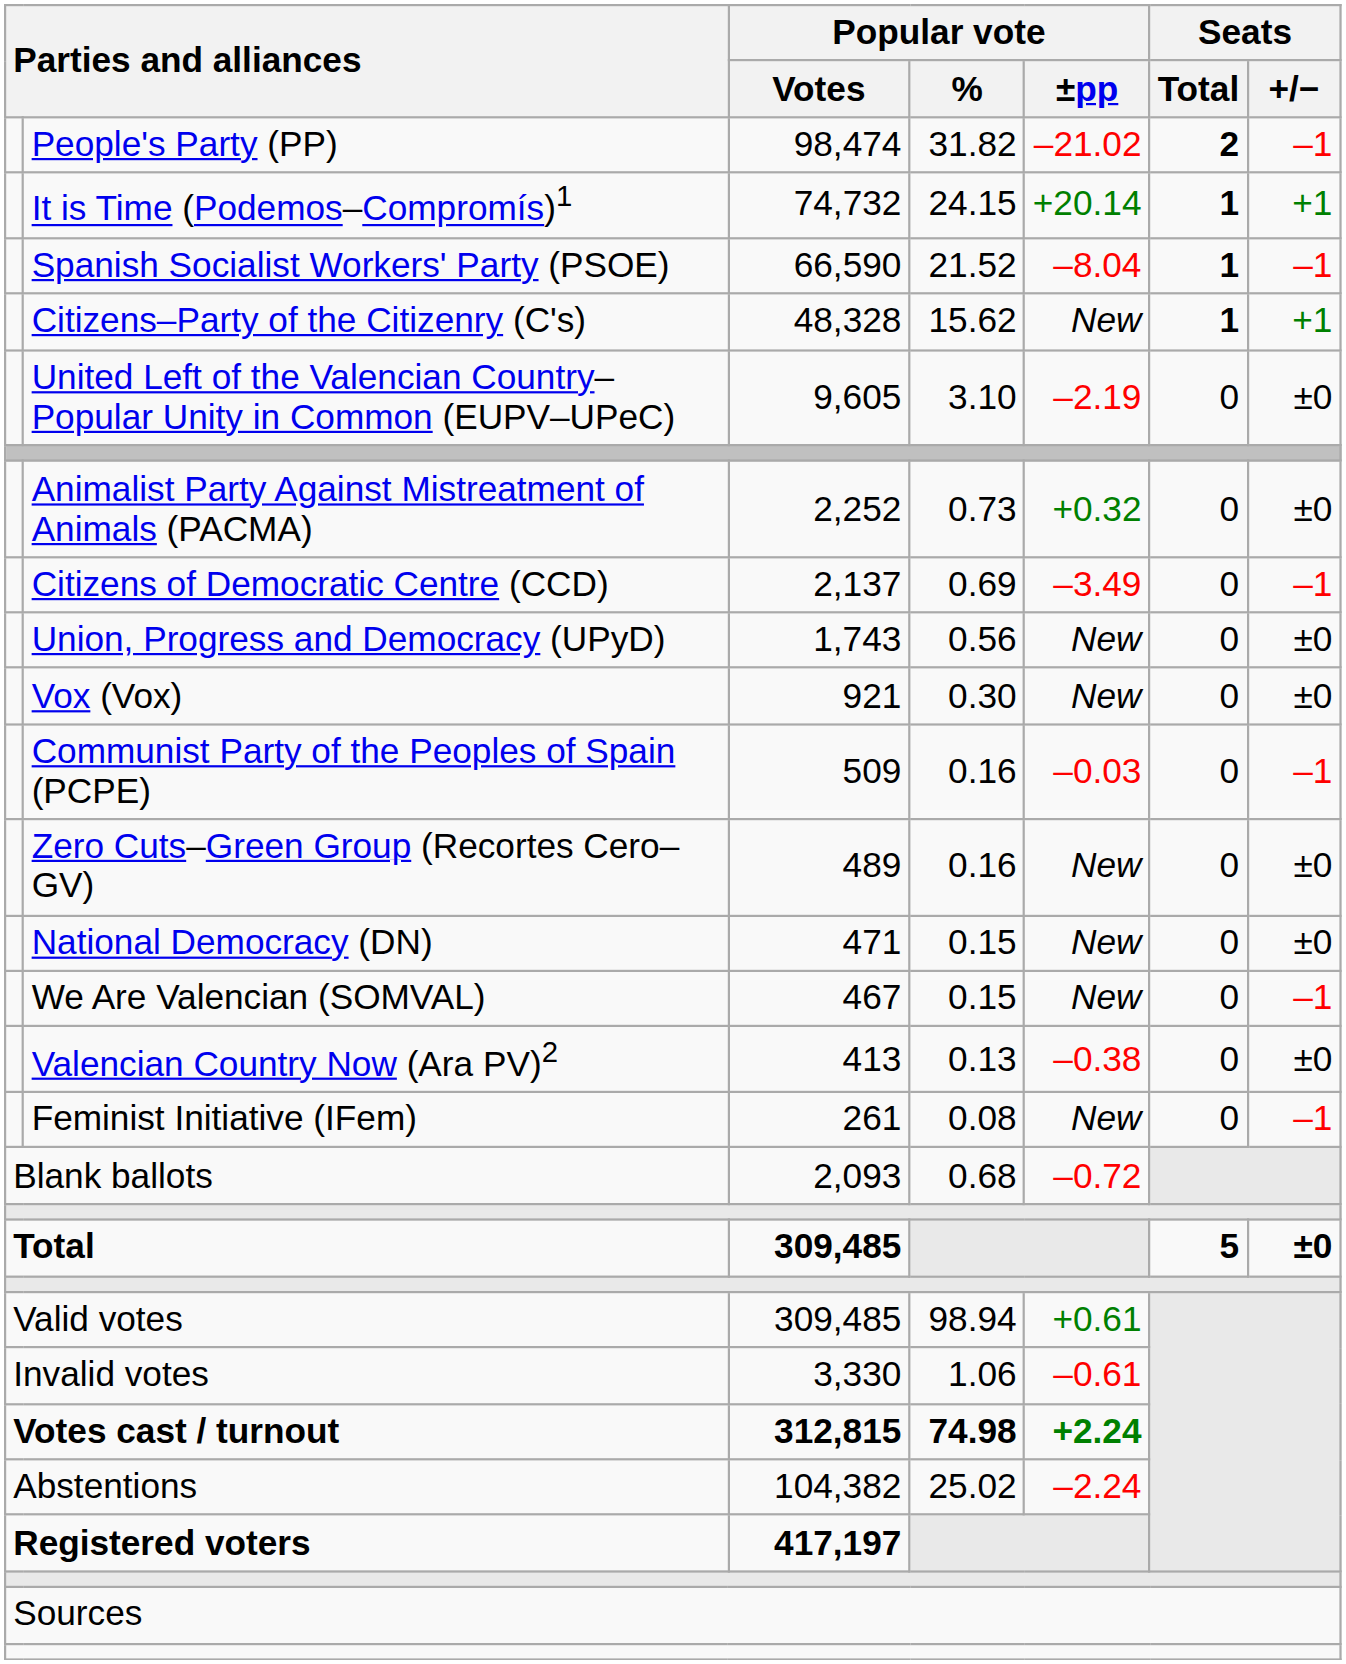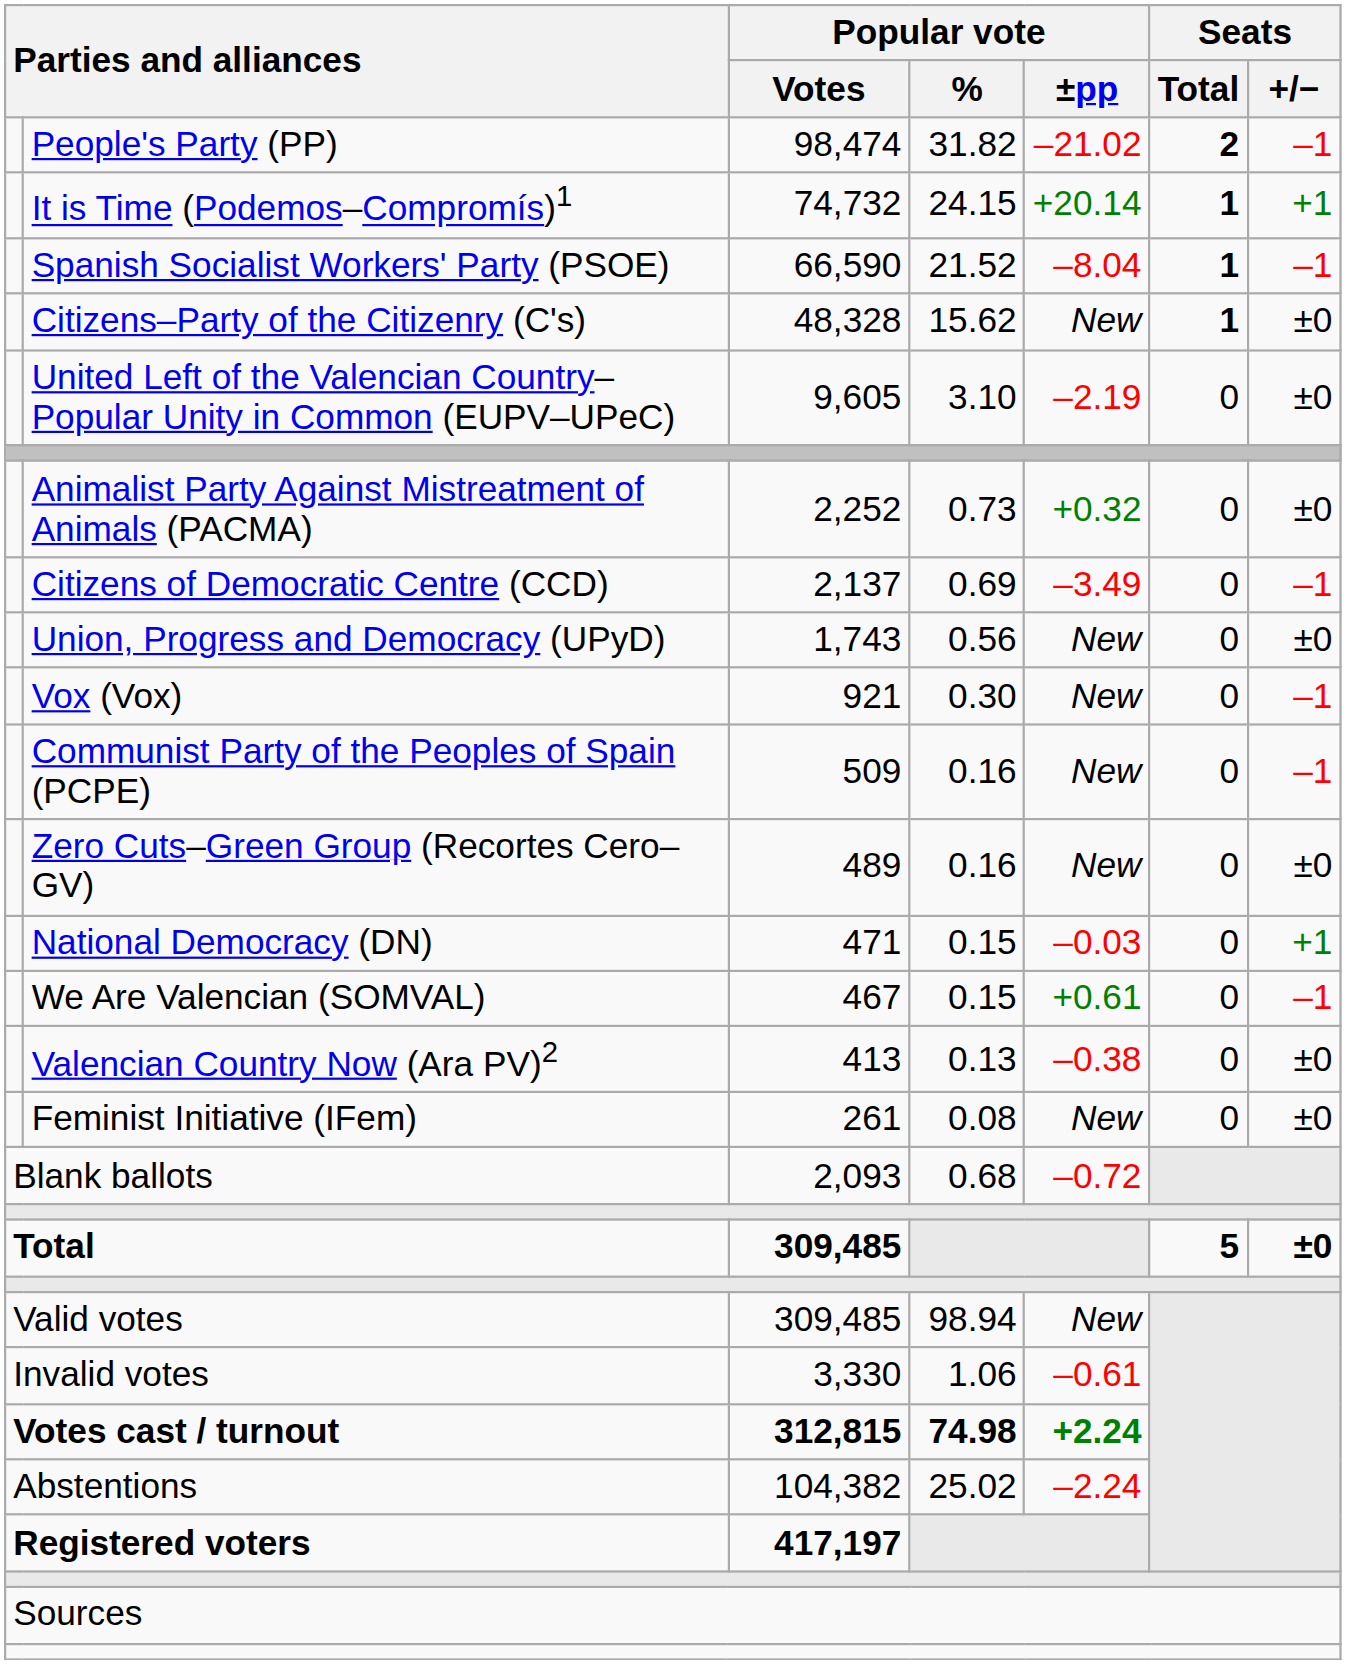 <table class="wikitable" style="text-align:right;">
 <tr>
 <th style="text-align:left;" rowspan="2" colspan="2" width="525">Parties and alliances</th>
 <th colspan="3">Popular vote</th>
 <th colspan="2">Seats</th>
 </tr>
 <tr>
 <th width="75">Votes</th>
 <th width="45">%</th>
 <th width="45">±<a href='#'>pp</a></th>
 <th width="35">Total</th>
 <th width="35">+/−</th>
 </tr>
 <tr>
 <td width="1" style="color:inherit;background:"></td>
 <td align="left"><a href='#'>People's Party</a> (PP)</td>
 <td>98,474</td>
 <td>31.82</td>
 <td style="color:red;">–21.02</td>
 <td><strong>2</strong></td>
 <td style="color:red;">–1</td>
 </tr>
 <tr>
 <td style="color:inherit;background:"></td>
 <td align="left"><a href='#'>It is Time</a> (<a href='#'>Podemos</a>–<a href='#'>Compromís</a>)<sup>1</sup></td>
 <td>74,732</td>
 <td>24.15</td>
 <td style="color:green;">+20.14</td>
 <td><strong>1</strong></td>
 <td style="color:green;">+1</td>
 </tr>
 <tr>
 <td style="color:inherit;background:"></td>
 <td align="left"><a href='#'>Spanish Socialist Workers' Party</a> (PSOE)</td>
 <td>66,590</td>
 <td>21.52</td>
 <td style="color:red;">–8.04</td>
 <td><strong>1</strong></td>
 <td style="color:red;">–1</td>
 </tr>
 <tr>
 <td style="color:inherit;background:"></td>
 <td align="left"><a href='#'>Citizens–Party of the Citizenry</a> (C's)</td>
 <td>48,328</td>
 <td>15.62</td>
 <td><em>New</em></td>
 <td><strong>1</strong></td>
-<td style="color:green;">+1</td>
+<td>±0</td>
 </tr>
 <tr>
 <td style="color:inherit;background:"></td>
 <td align="left"><a href='#'>United Left of the Valencian Country</a>–<a href='#'>Popular Unity in Common</a> (EUPV–UPeC)</td>
 <td>9,605</td>
 <td>3.10</td>
 <td style="color:red;">–2.19</td>
 <td>0</td>
 <td>±0</td>
 </tr>
 <tr>
 <td colspan="7" bgcolor="#C0C0C0"></td>
 </tr>
 <tr>
 <td style="color:inherit;background:"></td>
 <td align="left"><a href='#'>Animalist Party Against Mistreatment of Animals</a> (PACMA)</td>
 <td>2,252</td>
 <td>0.73</td>
 <td style="color:green;">+0.32</td>
 <td>0</td>
 <td>±0</td>
 </tr>
 <tr>
 <td style="color:inherit;background:"></td>
 <td align="left"><a href='#'>Citizens of Democratic Centre</a> (CCD)</td>
 <td>2,137</td>
 <td>0.69</td>
 <td style="color:red;">–3.49</td>
 <td>0</td>
 <td style="color:red;">–1</td>
 </tr>
 <tr>
 <td style="color:inherit;background:"></td>
 <td align="left"><a href='#'>Union, Progress and Democracy</a> (UPyD)</td>
 <td>1,743</td>
 <td>0.56</td>
 <td><em>New</em></td>
 <td>0</td>
 <td>±0</td>
 </tr>
 <tr>
 <td style="color:inherit;background:"></td>
 <td align="left"><a href='#'>Vox</a> (Vox)</td>
 <td>921</td>
 <td>0.30</td>
 <td><em>New</em></td>
 <td>0</td>
-<td>±0</td>
+<td style="color:red;">–1</td>
 </tr>
 <tr>
 <td style="color:inherit;background:"></td>
 <td align="left"><a href='#'>Communist Party of the Peoples of Spain</a> (PCPE)</td>
 <td>509</td>
 <td>0.16</td>
-<td style="color:red;">–0.03</td>
+<td><em>New</em></td>
 <td>0</td>
 <td style="color:red;">–1</td>
 </tr>
 <tr>
 <td style="color:inherit;background:"></td>
 <td align="left"><a href='#'>Zero Cuts</a>–<a href='#'>Green Group</a> (Recortes Cero–GV)</td>
 <td>489</td>
 <td>0.16</td>
 <td><em>New</em></td>
 <td>0</td>
 <td>±0</td>
 </tr>
 <tr>
 <td style="color:inherit;background:"></td>
 <td align="left"><a href='#'>National Democracy</a> (DN)</td>
 <td>471</td>
 <td>0.15</td>
-<td><em>New</em></td>
+<td style="color:red;">–0.03</td>
 <td>0</td>
-<td>±0</td>
+<td style="color:green;">+1</td>
 </tr>
 <tr>
 <td style="color:inherit;background:"></td>
 <td align="left">We Are Valencian (SOMVAL)</td>
 <td>467</td>
 <td>0.15</td>
-<td><em>New</em></td>
+<td style="color:green;">+0.61</td>
 <td>0</td>
 <td style="color:red;">–1</td>
 </tr>
 <tr>
 <td style="color:inherit;background:"></td>
 <td align="left"><a href='#'>Valencian Country Now</a> (Ara PV)<sup>2</sup></td>
 <td>413</td>
 <td>0.13</td>
 <td style="color:red;">–0.38</td>
 <td>0</td>
 <td>±0</td>
 </tr>
 <tr>
 <td style="color:inherit;background:"></td>
 <td align="left">Feminist Initiative (IFem)</td>
 <td>261</td>
 <td>0.08</td>
 <td><em>New</em></td>
 <td>0</td>
-<td style="color:red;">–1</td>
+<td>±0</td>
 </tr>
 <tr>
 <td align="left" colspan="2">Blank ballots</td>
 <td>2,093</td>
 <td>0.68</td>
 <td style="color:red;">–0.72</td>
 <td bgcolor="#E9E9E9" colspan="2"></td>
 </tr>
 <tr>
 <td colspan="7" bgcolor="#E9E9E9"></td>
 </tr>
 <tr style="font-weight:bold;">
 <td align="left" colspan="2">Total</td>
 <td>309,485</td>
 <td bgcolor="#E9E9E9" colspan="2"></td>
 <td>5</td>
 <td>±0</td>
 </tr>
 <tr>
 <td colspan="7" bgcolor="#E9E9E9"></td>
 </tr>
 <tr>
 <td align="left" colspan="2">Valid votes</td>
 <td>309,485</td>
 <td>98.94</td>
-<td style="color:green;">+0.61</td>
+<td><em>New</em></td>
 <td bgcolor="#E9E9E9" colspan="2" rowspan="5"></td>
 </tr>
 <tr>
 <td align="left" colspan="2">Invalid votes</td>
 <td>3,330</td>
 <td>1.06</td>
 <td style="color:red;">–0.61</td>
 </tr>
 <tr style="font-weight:bold;">
 <td align="left" colspan="2">Votes cast / turnout</td>
 <td>312,815</td>
 <td>74.98</td>
 <td style="color:green;">+2.24</td>
 </tr>
 <tr>
 <td align="left" colspan="2">Abstentions</td>
 <td>104,382</td>
 <td>25.02</td>
 <td style="color:red;">–2.24</td>
 </tr>
 <tr style="font-weight:bold;">
 <td align="left" colspan="2">Registered voters</td>
 <td>417,197</td>
 <td bgcolor="#E9E9E9" colspan="2"></td>
 </tr>
 <tr>
 <td colspan="7" bgcolor="#E9E9E9"></td>
 </tr>
 <tr>
 <td align="left" colspan="7">Sources</td>
 </tr>
 <tr>
 <td colspan="7" style="text-align:left; max-width:790px;"></td>
 </tr>
 </table>
